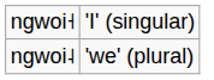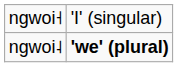 <table class="wikitable">
 <tr>
 <td>ngwoi˧</td>
 <td>'I' (singular)</td>
 </tr>
 <tr>
 <td>ngwoi˨</td>
-<td>'we' (plural)</td>
+<td><strong>'we' (plural)</strong></td>
 </tr>
 </table>
